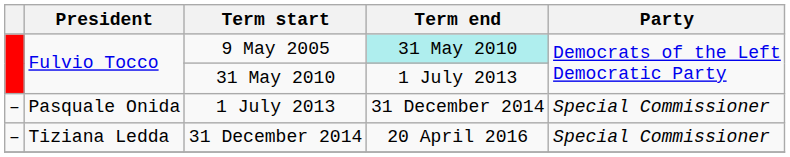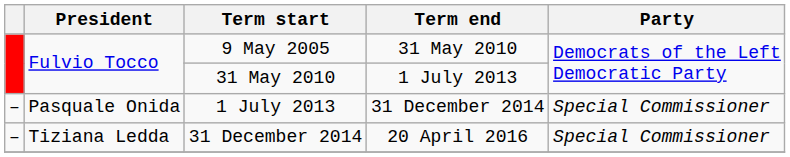 <table class="wikitable">
 <tr>
 <th class=unsortable> </th>
 <th>President</th>
 <th>Term start</th>
 <th>Term end</th>
 <th>Party</th>
 </tr>
 <tr>
 <th rowspan=2 style="background:#FF0000;"></th>
 <td rowspan=2><a href='#'>Fulvio Tocco</a></td>
 <td align=center>9 May 2005</td>
-<td align=center style="background: paleturquoise;">31 May 2010</td>
+<td align=center>31 May 2010</td>
 <td rowspan=2><a href='#'>Democrats of the Left</a><br><a href='#'>Democratic Party</a></td>
 </tr>
 <tr>
 <td align=center>31 May 2010</td>
 <td align=center>1 July 2013</td>
 </tr>
 <tr>
 <td>–</td>
 <td>Pasquale Onida</td>
 <td align=center>1 July 2013</td>
 <td align=center>31 December 2014</td>
 <td><em>Special Commissioner</em></td>
 </tr>
 <tr>
 <td>–</td>
 <td>Tiziana Ledda</td>
 <td align=center>31 December 2014</td>
 <td align=center>20 April 2016</td>
 <td><em>Special Commissioner</em></td>
 </tr>
 <tr>
 </tr>
 </table>
